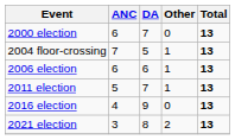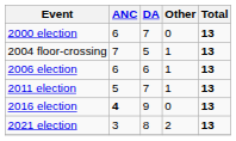 <table class="wikitable">
 <tr>
 <th>Event</th>
 <th><a href='#'>ANC</a></th>
 <th><a href='#'>DA</a></th>
 <th>Other</th>
 <th>Total</th>
 </tr>
 <tr>
 <td><a href='#'>2000 election</a></td>
 <td>6</td>
 <td>7</td>
 <td>0</td>
 <td><strong>13</strong></td>
 </tr>
 <tr>
 <td>2004 floor-crossing</td>
 <td>7</td>
 <td>5</td>
 <td>1</td>
 <td><strong>13</strong></td>
 </tr>
 <tr>
 <td><a href='#'>2006 election</a></td>
 <td>6</td>
 <td>6</td>
 <td>1</td>
 <td><strong>13</strong></td>
 </tr>
 <tr>
 <td><a href='#'>2011 election</a></td>
 <td>5</td>
 <td>7</td>
 <td>1</td>
 <td><strong>13</strong></td>
 </tr>
 <tr>
 <td><a href='#'>2016 election</a></td>
-<td>4</td>
+<td><strong>4</strong></td>
 <td>9</td>
 <td>0</td>
 <td><strong>13</strong></td>
 </tr>
 <tr>
 <td><a href='#'>2021 election</a></td>
 <td>3</td>
 <td>8</td>
 <td>2</td>
 <td><strong>13</strong></td>
 </tr>
 <tr>
 </tr>
 </table>
